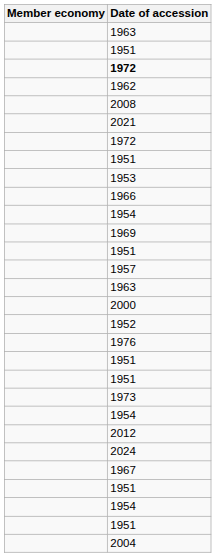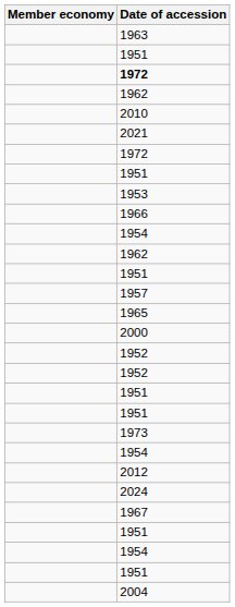 <table class="wikitable sortable">
 <tr>
 <th>Member economy</th>
 <th>Date of accession</th>
 </tr>
 <tr>
 <td></td>
 <td>1963</td>
 </tr>
 <tr>
 <td></td>
 <td>1951</td>
 </tr>
 <tr>
 <td></td>
 <td><strong>1972</strong></td>
 </tr>
 <tr>
 <td></td>
 <td>1962</td>
 </tr>
 <tr>
 <td></td>
-<td>2008</td>
+<td>2010</td>
 </tr>
 <tr>
 <td></td>
 <td>2021</td>
 </tr>
 <tr>
 <td></td>
 <td>1972</td>
 </tr>
 <tr>
 <td></td>
 <td>1951</td>
 </tr>
 <tr>
 <td></td>
 <td>1953</td>
 </tr>
 <tr>
 <td></td>
 <td>1966</td>
 </tr>
 <tr>
 <td></td>
 <td>1954</td>
 </tr>
 <tr>
 <td></td>
-<td>1969</td>
+<td>1962</td>
 </tr>
 <tr>
 <td></td>
 <td>1951</td>
 </tr>
 <tr>
 <td></td>
 <td>1957</td>
 </tr>
 <tr>
 <td></td>
-<td>1963</td>
+<td>1965</td>
 </tr>
 <tr>
 <td></td>
 <td>2000</td>
 </tr>
 <tr>
 <td></td>
 <td>1952</td>
 </tr>
 <tr>
 <td></td>
-<td>1976</td>
+<td>1952</td>
 </tr>
 <tr>
 <td></td>
 <td>1951</td>
 </tr>
 <tr>
 <td></td>
 <td>1951</td>
 </tr>
 <tr>
 <td></td>
 <td>1973</td>
 </tr>
 <tr>
 <td></td>
 <td>1954</td>
 </tr>
 <tr>
 <td></td>
 <td>2012</td>
 </tr>
 <tr>
 <td></td>
 <td>2024</td>
 </tr>
 <tr>
 <td></td>
 <td>1967</td>
 </tr>
 <tr>
 <td></td>
 <td>1951</td>
 </tr>
 <tr>
 <td></td>
 <td>1954</td>
 </tr>
 <tr>
 <td></td>
 <td>1951</td>
 </tr>
 <tr>
 <td></td>
 <td>2004</td>
 </tr>
 </table>
